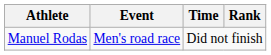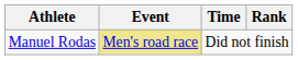 <table class="wikitable" style="font-size:90%">
 <tr>
 <th>Athlete</th>
 <th>Event</th>
 <th>Time</th>
 <th>Rank</th>
 </tr>
 <tr align=center>
 <td align=left><a href='#'>Manuel Rodas</a></td>
-<td align=left><a href='#'>Men's road race</a></td>
+<td align=left style="background: khaki;"><a href='#'>Men's road race</a></td>
 <td colspan=2>Did not finish</td>
 </tr>
 </table>
